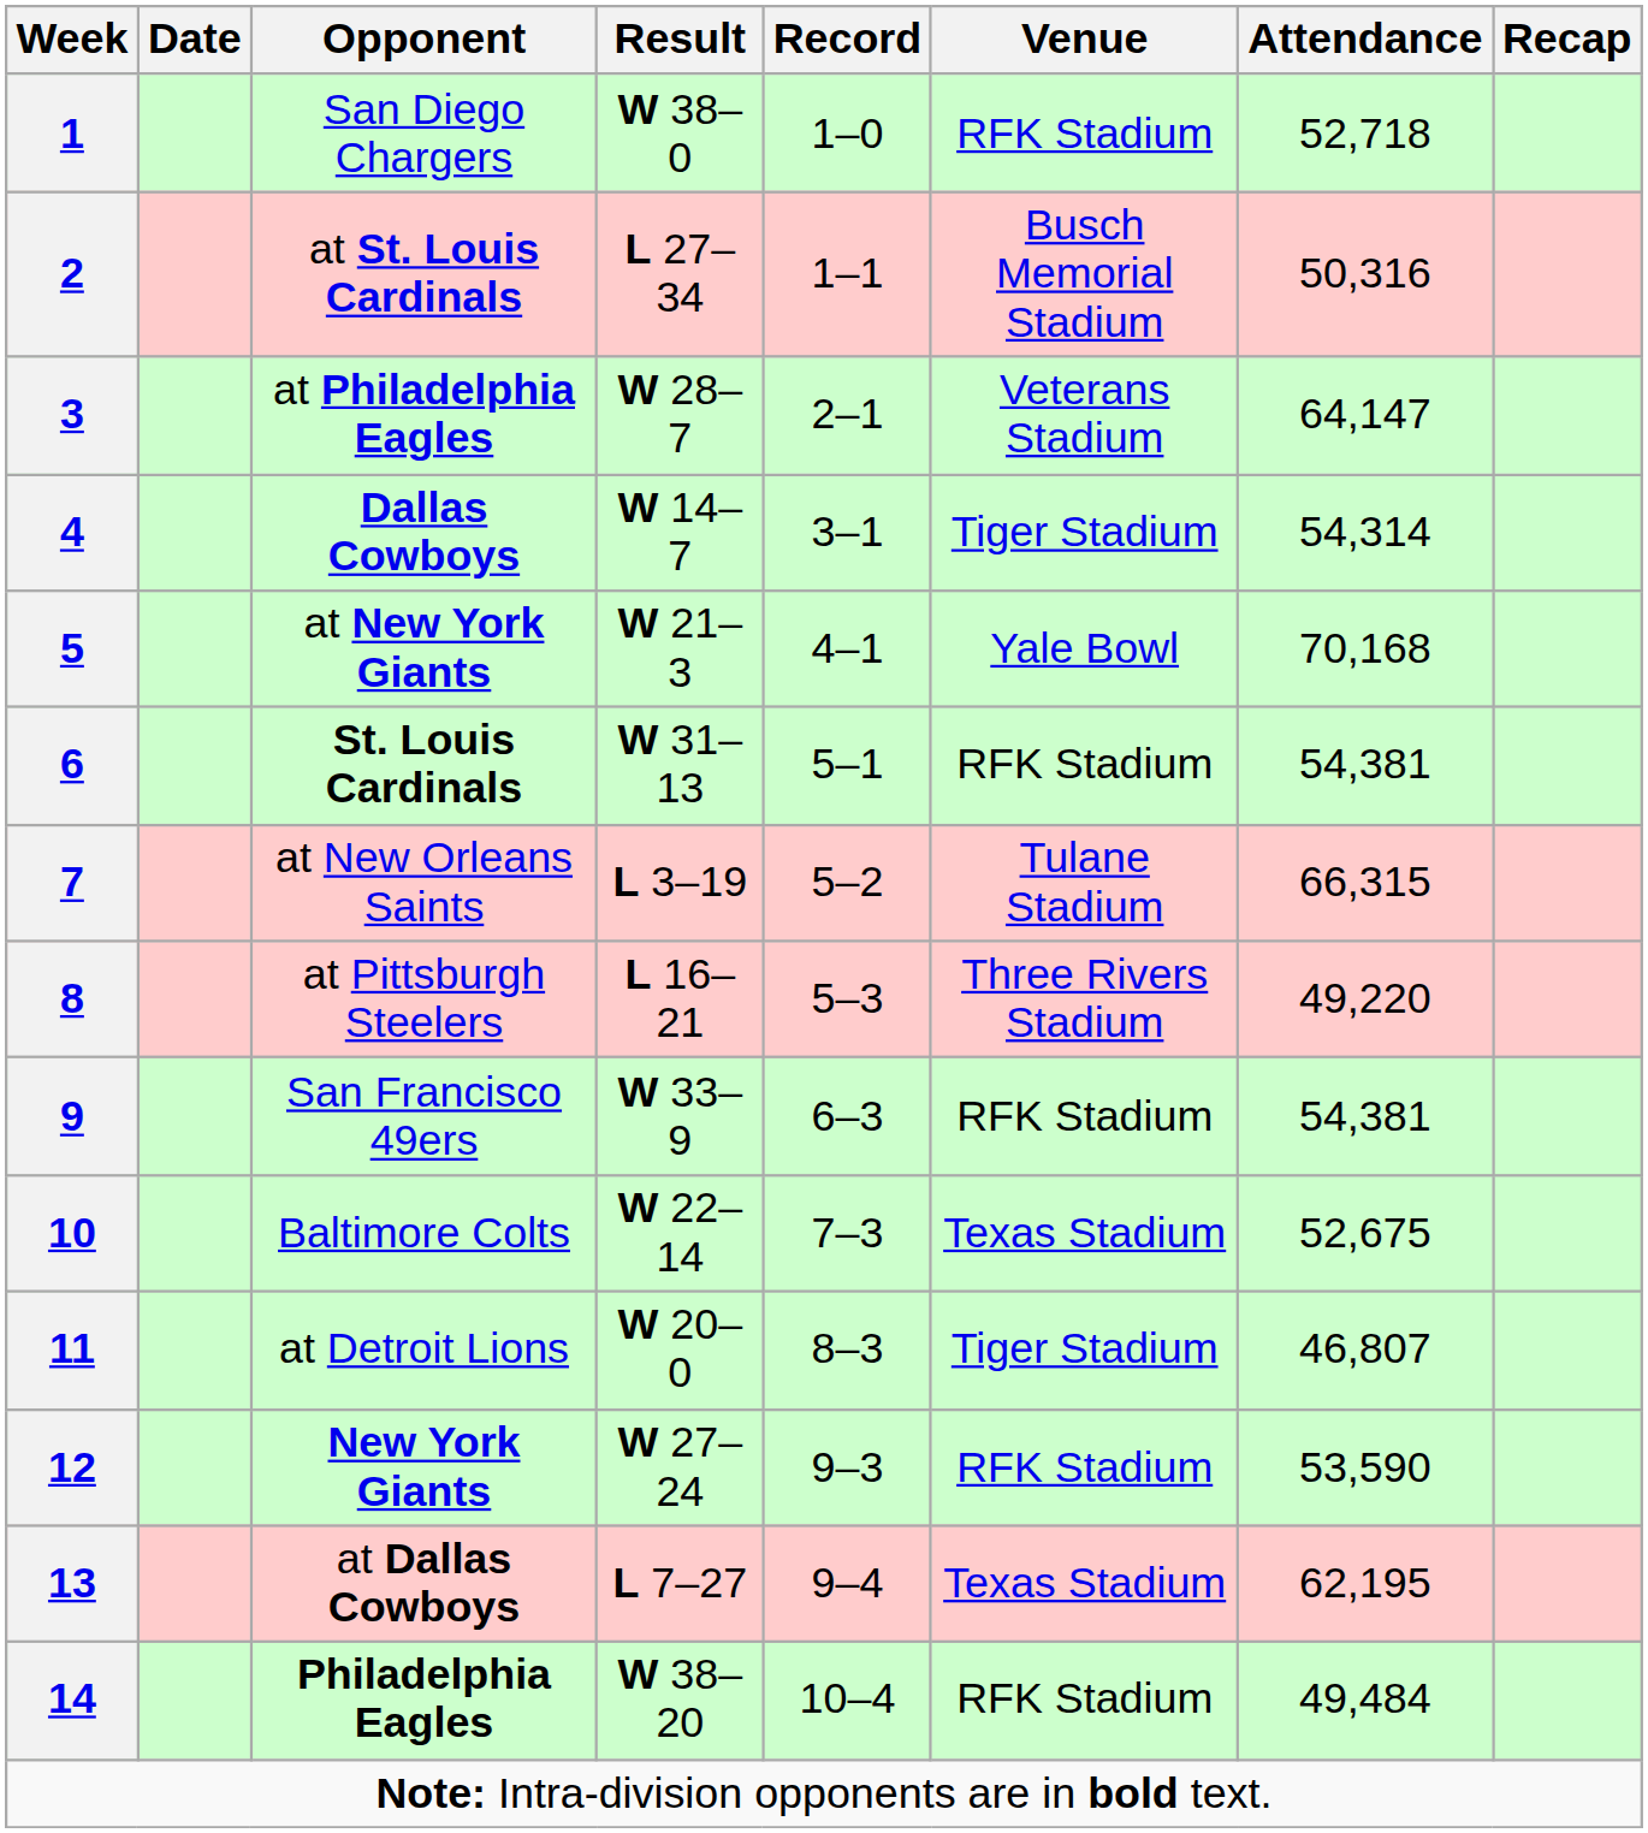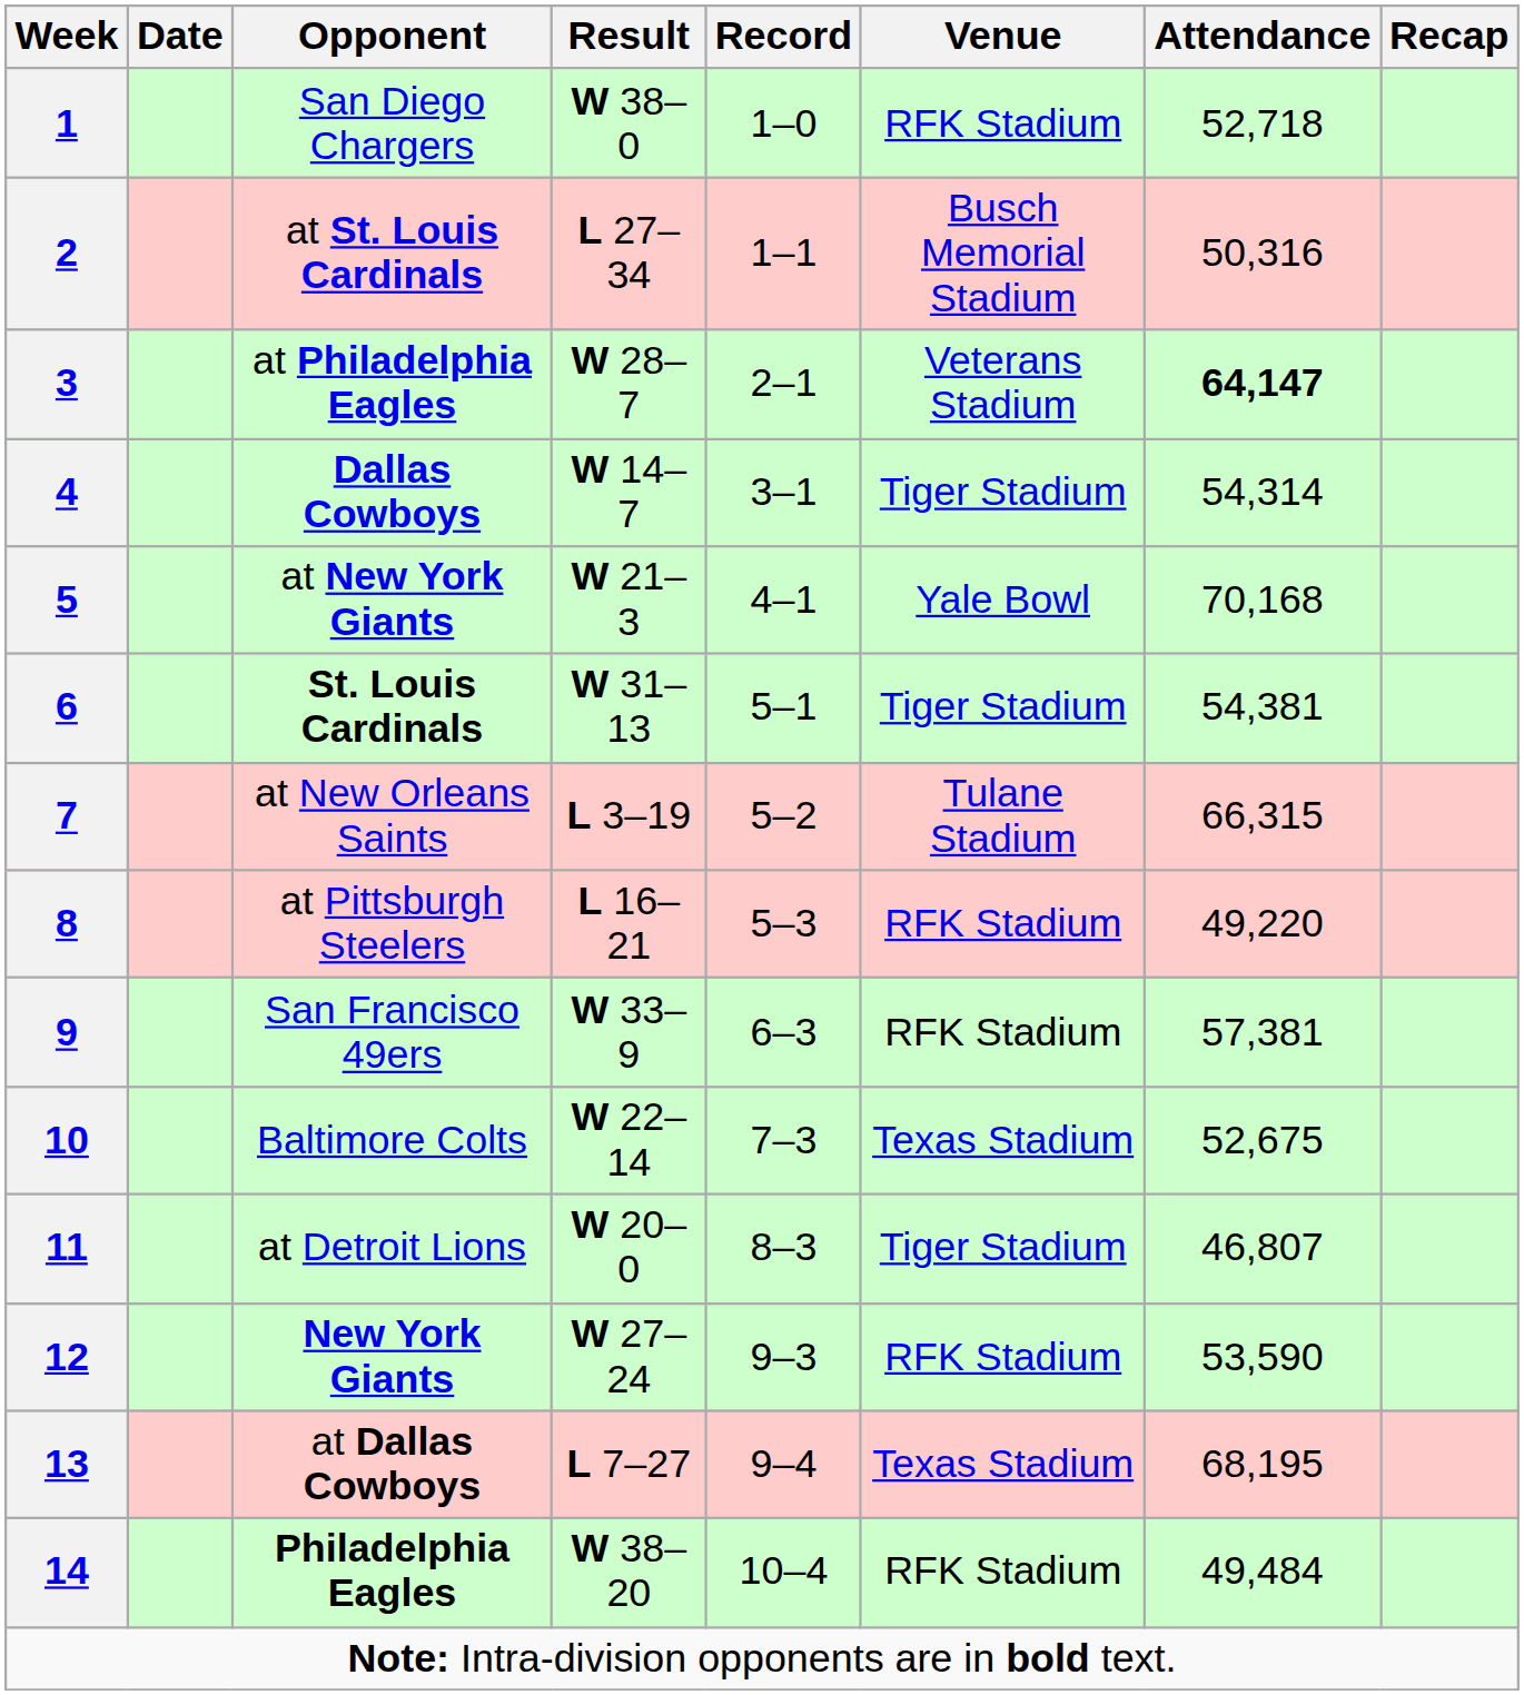 <table class="wikitable" style="text-align:center">
 <tr>
 <th>Week</th>
 <th>Date</th>
 <th>Opponent</th>
 <th>Result</th>
 <th>Record</th>
 <th>Venue</th>
 <th>Attendance</th>
 <th>Recap</th>
 </tr>
 <tr style="background:#cfc">
 <th><a href='#'>1</a></th>
 <td></td>
 <td><a href='#'>San Diego Chargers</a></td>
 <td><strong>W</strong> 38–0</td>
 <td>1–0</td>
 <td><a href='#'>RFK Stadium</a></td>
 <td>52,718</td>
 <td></td>
 </tr>
 <tr style="background:#fcc">
 <th><a href='#'>2</a></th>
 <td></td>
 <td>at <strong><a href='#'>St. Louis Cardinals</a></strong></td>
 <td><strong>L</strong> 27–34</td>
 <td>1–1</td>
 <td><a href='#'>Busch Memorial Stadium</a></td>
 <td>50,316</td>
 <td></td>
 </tr>
 <tr style="background:#cfc">
 <th><a href='#'>3</a></th>
 <td></td>
 <td>at <strong><a href='#'>Philadelphia Eagles</a></strong></td>
 <td><strong>W</strong> 28–7</td>
 <td>2–1</td>
 <td><a href='#'>Veterans Stadium</a></td>
-<td>64,147</td>
+<td><strong>64,147</strong></td>
 <td></td>
 </tr>
 <tr style="background:#cfc">
 <th><a href='#'>4</a></th>
 <td></td>
 <td><strong><a href='#'>Dallas Cowboys</a></strong></td>
 <td><strong>W</strong> 14–7</td>
 <td>3–1</td>
 <td><a href='#'>Tiger Stadium</a></td>
 <td>54,314</td>
 <td></td>
 </tr>
 <tr style="background:#cfc">
 <th><a href='#'>5</a></th>
 <td></td>
 <td>at <strong><a href='#'>New York Giants</a></strong></td>
 <td><strong>W</strong> 21–3</td>
 <td>4–1</td>
 <td><a href='#'>Yale Bowl</a></td>
 <td>70,168</td>
 <td></td>
 </tr>
 <tr style="background:#cfc">
 <th><a href='#'>6</a></th>
 <td></td>
 <td><strong>St. Louis Cardinals</strong></td>
 <td><strong>W</strong> 31–13</td>
 <td>5–1</td>
-<td>RFK Stadium</td>
+<td><a href='#'>Tiger Stadium</a></td>
 <td>54,381</td>
 <td></td>
 </tr>
 <tr style="background:#fcc">
 <th><a href='#'>7</a></th>
 <td></td>
 <td>at <a href='#'>New Orleans Saints</a></td>
 <td><strong>L</strong> 3–19</td>
 <td>5–2</td>
 <td><a href='#'>Tulane Stadium</a></td>
 <td>66,315</td>
 <td></td>
 </tr>
 <tr style="background:#fcc">
 <th><a href='#'>8</a></th>
 <td></td>
 <td>at <a href='#'>Pittsburgh Steelers</a></td>
 <td><strong>L</strong> 16–21</td>
 <td>5–3</td>
-<td><a href='#'>Three Rivers Stadium</a></td>
+<td><a href='#'>RFK Stadium</a></td>
 <td>49,220</td>
 <td></td>
 </tr>
 <tr style="background:#cfc">
 <th><a href='#'>9</a></th>
 <td></td>
 <td><a href='#'>San Francisco 49ers</a></td>
 <td><strong>W</strong> 33–9</td>
 <td>6–3</td>
 <td>RFK Stadium</td>
-<td>54,381</td>
+<td>57,381</td>
 <td></td>
 </tr>
 <tr style="background:#cfc">
 <th><a href='#'>10</a></th>
 <td></td>
 <td><a href='#'>Baltimore Colts</a></td>
 <td><strong>W</strong> 22–14</td>
 <td>7–3</td>
 <td><a href='#'>Texas Stadium</a></td>
 <td>52,675</td>
 <td></td>
 </tr>
 <tr style="background:#cfc">
 <th><a href='#'>11</a></th>
 <td></td>
 <td>at <a href='#'>Detroit Lions</a></td>
 <td><strong>W</strong> 20–0</td>
 <td>8–3</td>
 <td><a href='#'>Tiger Stadium</a></td>
 <td>46,807</td>
 <td></td>
 </tr>
 <tr style="background:#cfc">
 <th><a href='#'>12</a></th>
 <td></td>
 <td><strong><a href='#'>New York Giants</a></strong></td>
 <td><strong>W</strong> 27–24</td>
 <td>9–3</td>
 <td><a href='#'>RFK Stadium</a></td>
 <td>53,590</td>
 <td></td>
 </tr>
 <tr style="background:#fcc">
 <th><a href='#'>13</a></th>
 <td></td>
 <td>at <strong>Dallas Cowboys</strong></td>
 <td><strong>L</strong> 7–27</td>
 <td>9–4</td>
 <td><a href='#'>Texas Stadium</a></td>
-<td>62,195</td>
+<td>68,195</td>
 <td></td>
 </tr>
 <tr style="background:#cfc">
 <th><a href='#'>14</a></th>
 <td></td>
 <td><strong>Philadelphia Eagles</strong></td>
 <td><strong>W</strong> 38–20</td>
 <td>10–4</td>
 <td>RFK Stadium</td>
 <td>49,484</td>
 <td></td>
 </tr>
 <tr>
 <td colspan="10"><strong>Note:</strong> Intra-division opponents are in <strong>bold</strong> text.</td>
 </tr>
 </table>
